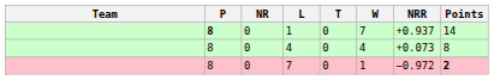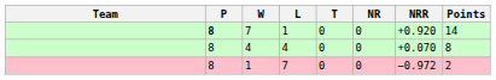 <table class="wikitable">
 <tr>
 <th width=38%>Team</th>
 <th width=7%>P</th>
-<th width=8%>NR</th>
+<th width=7%>W</th>
 <th width=7%>L</th>
 <th width=7%>T</th>
-<th width=7%>W</th>
+<th width=8%>NR</th>
 <th width=9%>NRR</th>
 <th width=9%>Points</th>
 </tr>
 <tr bgcolor=ccffcc>
 <td align=left></td>
 <td><strong>8</strong></td>
-<td>0</td>
+<td>7</td>
 <td>1</td>
 <td>0</td>
-<td>7</td>
-<td>+0.937</td>
+<td>0</td>
+<td>+0.920</td>
 <td>14</td>
 </tr>
 <tr bgcolor=ccffcc>
 <td align=left></td>
 <td>8</td>
-<td>0</td>
+<td>4</td>
 <td>4</td>
 <td>0</td>
-<td>4</td>
-<td>+0.073</td>
+<td>0</td>
+<td>+0.070</td>
 <td>8</td>
 </tr>
 <tr bgcolor=pink>
 <td align=left></td>
 <td>8</td>
-<td>0</td>
+<td>1</td>
 <td>7</td>
 <td>0</td>
-<td>1</td>
+<td>0</td>
 <td>−0.972</td>
-<td><strong>2</strong></td>
+<td>2</td>
 </tr>
 </table>
